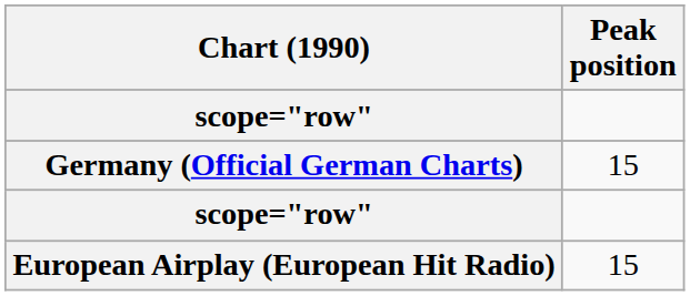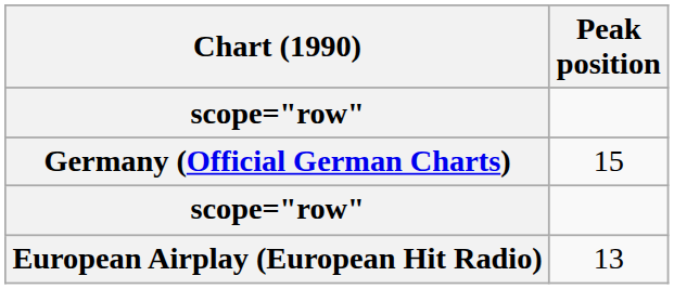 <table class="wikitable plainrowheaders sortable" style="text-align:center;">
 <tr>
 <th scope="col">Chart (1990)</th>
 <th scope="col">Peak<br>position</th>
 </tr>
 <tr>
 <th>scope="row" </th>
 </tr>
 <tr>
 <th scope="row">Germany (<a href='#'>Official German Charts</a>)</th>
 <td>15</td>
 </tr>
 <tr>
 <th>scope="row" </th>
 </tr>
 <tr>
 <th scope="row">European Airplay (European Hit Radio)</th>
-<td style="text-align:center;">15</td>
+<td style="text-align:center;">13</td>
 </tr>
 </table>
